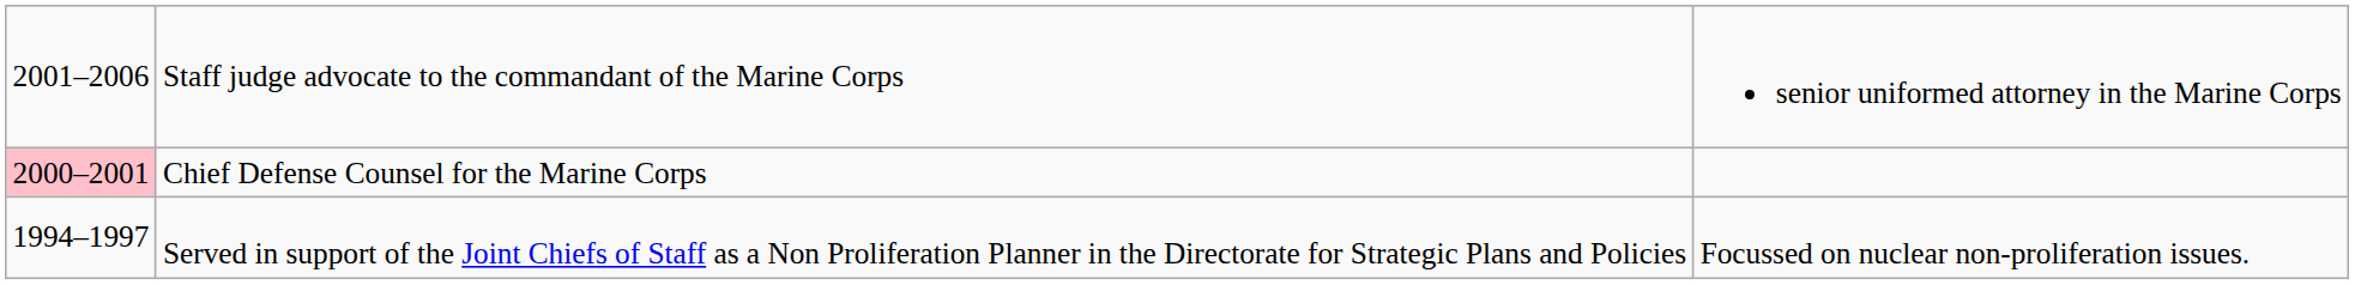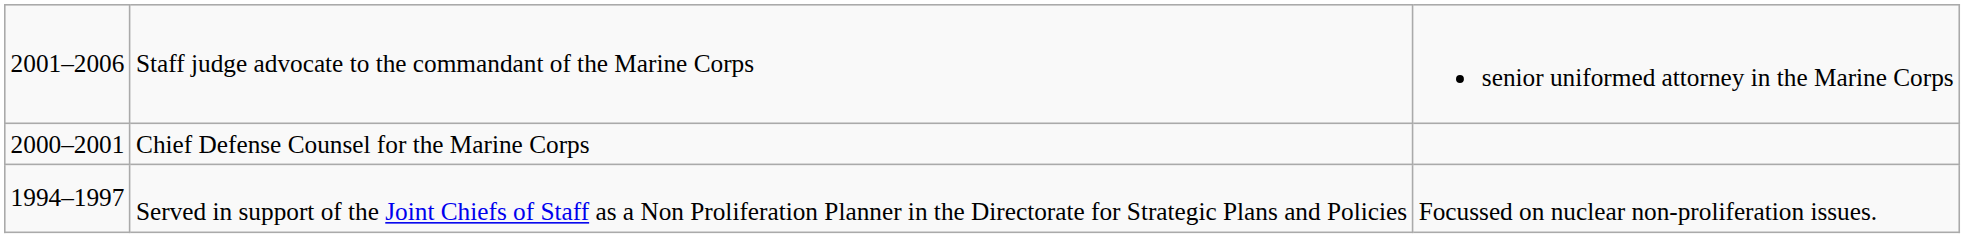 <table class="wikitable">
 <tr>
 <td>2001–2006</td>
 <td>Staff judge advocate to the commandant of the Marine Corps</td>
 <td><br><ul><li>senior uniformed attorney in the Marine Corps</li></ul></td>
 </tr>
 <tr>
-<td style="background: pink;">2000–2001</td>
+<td>2000–2001</td>
 <td>Chief Defense Counsel for the Marine Corps</td>
 <td></td>
 </tr>
 <tr>
 <td>1994–1997</td>
 <td><br>Served in support of the <a href='#'>Joint Chiefs of Staff</a> as a Non Proliferation Planner in the Directorate for Strategic Plans and Policies</td>
 <td><br>Focussed on nuclear non-proliferation issues.</td>
 </tr>
 </table>
